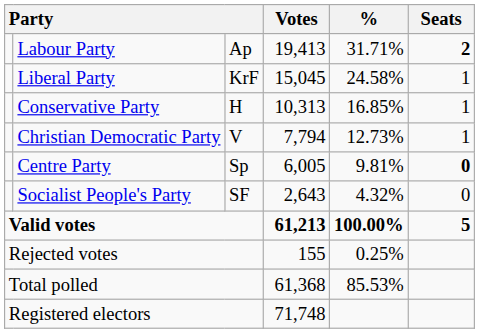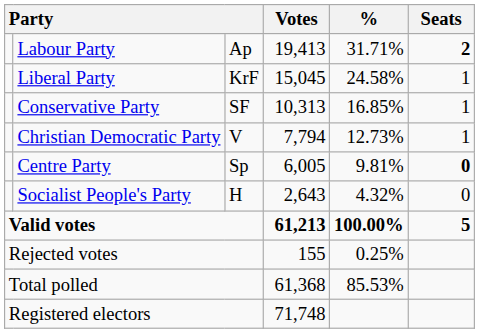 <table class="wikitable" border="1" style="text-align:right;">
 <tr>
 <th style="text-align:left;" colspan=3>Party</th>
 <th align=center width="50">Votes</th>
 <th align=center width="50">%</th>
 <th align=center width="50">Seats</th>
 </tr>
 <tr>
 <td style="color:inherit;background:"></td>
 <td align=left><a href='#'>Labour Party</a></td>
 <td align=left>Ap</td>
 <td>19,413</td>
 <td>31.71%</td>
 <td><strong>2</strong></td>
 </tr>
 <tr>
 <td style="color:inherit;background:"></td>
 <td align=left><a href='#'>Liberal Party</a></td>
 <td align=left>KrF</td>
 <td>15,045</td>
 <td>24.58%</td>
 <td>1</td>
 </tr>
 <tr>
 <td style="color:inherit;background:"></td>
 <td align=left><a href='#'>Conservative Party</a></td>
-<td align=left>H</td>
+<td align=left>SF</td>
 <td>10,313</td>
 <td>16.85%</td>
 <td>1</td>
 </tr>
 <tr>
 <td style="color:inherit;background:"></td>
 <td align=left><a href='#'>Christian Democratic Party</a></td>
 <td align=left>V</td>
 <td>7,794</td>
 <td>12.73%</td>
 <td>1</td>
 </tr>
 <tr>
 <td style="color:inherit;background:"></td>
 <td align=left><a href='#'>Centre Party</a></td>
 <td align=left>Sp</td>
 <td>6,005</td>
 <td>9.81%</td>
 <td><strong>0</strong></td>
 </tr>
 <tr>
 <td style="color:inherit;background:"></td>
 <td align=left><a href='#'>Socialist People's Party</a></td>
-<td align=left>SF</td>
+<td align=left>H</td>
 <td>2,643</td>
 <td>4.32%</td>
 <td>0</td>
 </tr>
 <tr style="font-weight:bold">
 <td align=left colspan=3>Valid votes</td>
 <td>61,213</td>
 <td>100.00%</td>
 <td>5</td>
 </tr>
 <tr>
 <td align=left colspan=3>Rejected votes</td>
 <td>155</td>
 <td>0.25%</td>
 <td></td>
 </tr>
 <tr>
 <td align=left colspan=3>Total polled</td>
 <td>61,368</td>
 <td>85.53%</td>
 <td></td>
 </tr>
 <tr>
 <td align=left colspan=3>Registered electors</td>
 <td>71,748</td>
 <td></td>
 <td></td>
 </tr>
 </table>
